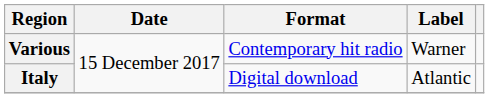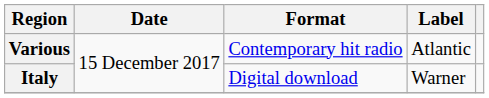 <table class="wikitable plainrowheaders">
 <tr>
 <th scope="col">Region</th>
 <th scope="col">Date</th>
 <th scope="col">Format</th>
 <th scope="col">Label</th>
 <th scope="col"></th>
 </tr>
 <tr>
 <th scope="row">Various</th>
 <td rowspan="2">15 December 2017</td>
 <td><a href='#'>Contemporary hit radio</a></td>
-<td>Warner</td>
+<td>Atlantic</td>
 <td></td>
 </tr>
 <tr>
 <th scope="row">Italy</th>
 <td><a href='#'>Digital download</a></td>
-<td>Atlantic</td>
+<td>Warner</td>
 <td></td>
 </tr>
 <tr>
 </tr>
 </table>
